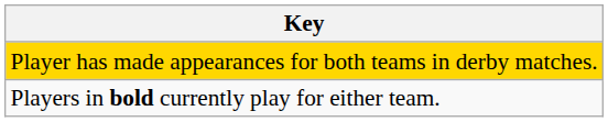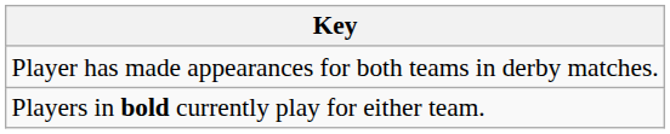 <table class="wikitable">
 <tr>
 <th>Key</th>
 </tr>
 <tr>
-<td style="background: gold;"> Player has made appearances for both teams in derby matches.</td>
+<td> Player has made appearances for both teams in derby matches.</td>
 </tr>
 <tr>
 <td>Players in <strong>bold</strong> currently play for either team.</td>
 </tr>
 </table>
